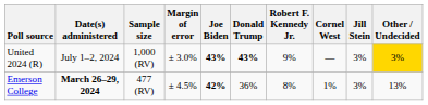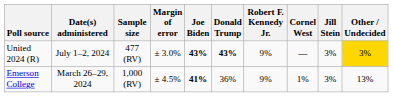 <table class="wikitable sortable mw-datatable" style="font-size:90%;text-align:center;line-height:17px">
 <tr valign=bottom>
 <th>Poll source</th>
 <th>Date(s)<br>administered</th>
 <th>Sample<br>size</th>
 <th>Margin<br>of error</th>
 <th class="unsortable">Joe<br>Biden<br></th>
 <th class="unsortable">Donald<br>Trump<br></th>
 <th class="unsortable">Robert F.<br>Kennedy Jr.<br></th>
 <th class="unsortable">Cornel<br>West<br></th>
 <th class="unsortable">Jill<br>Stein<br></th>
 <th class="unsortable">Other /<br>Undecided</th>
 </tr>
 <tr>
 <td style="text-align:left;">United 2024 (R)</td>
 <td data-sort-value="2024-07-03">July 1–2, 2024</td>
-<td>1,000 (RV)</td>
+<td>477 (RV)</td>
 <td>± 3.0%</td>
 <td><strong>43%</strong></td>
 <td><strong>43%</strong></td>
 <td>9%</td>
 <td>—</td>
 <td>3%</td>
 <td style="background: gold;">3%</td>
 </tr>
 <tr>
 <td style="text-align:left;"><a href='#'>Emerson College</a></td>
-<td data-sort-value="2024-04-02"><strong>March 26–29, 2024</strong></td>
-<td>477 (RV)</td>
+<td data-sort-value="2024-04-02">March 26–29, 2024</td>
+<td>1,000 (RV)</td>
 <td>± 4.5%</td>
-<td style="color:black;background-color:"><strong>42%</strong></td>
+<td style="color:black;background-color:"><strong>41%</strong></td>
 <td>36%</td>
-<td>8%</td>
+<td>9%</td>
 <td>1%</td>
 <td>3%</td>
 <td>13%</td>
 </tr>
 </table>
